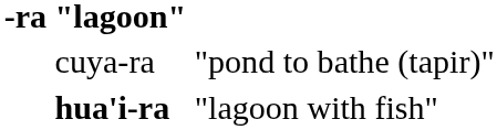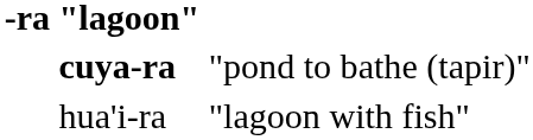 <table>
 <tr>
 <th>-ra</th>
 <th colspan="1">"lagoon"</th>
 </tr>
 <tr>
 <td></td>
-<td>cuya-ra</td>
+<td><strong>cuya-ra</strong></td>
 <td colspan="3">"pond to bathe (tapir)"</td>
 </tr>
 <tr>
 <td></td>
-<td><strong>hua'i-ra</strong></td>
+<td>hua'i-ra</td>
 <td colspan="3">"lagoon with fish"</td>
 </tr>
 </table>
